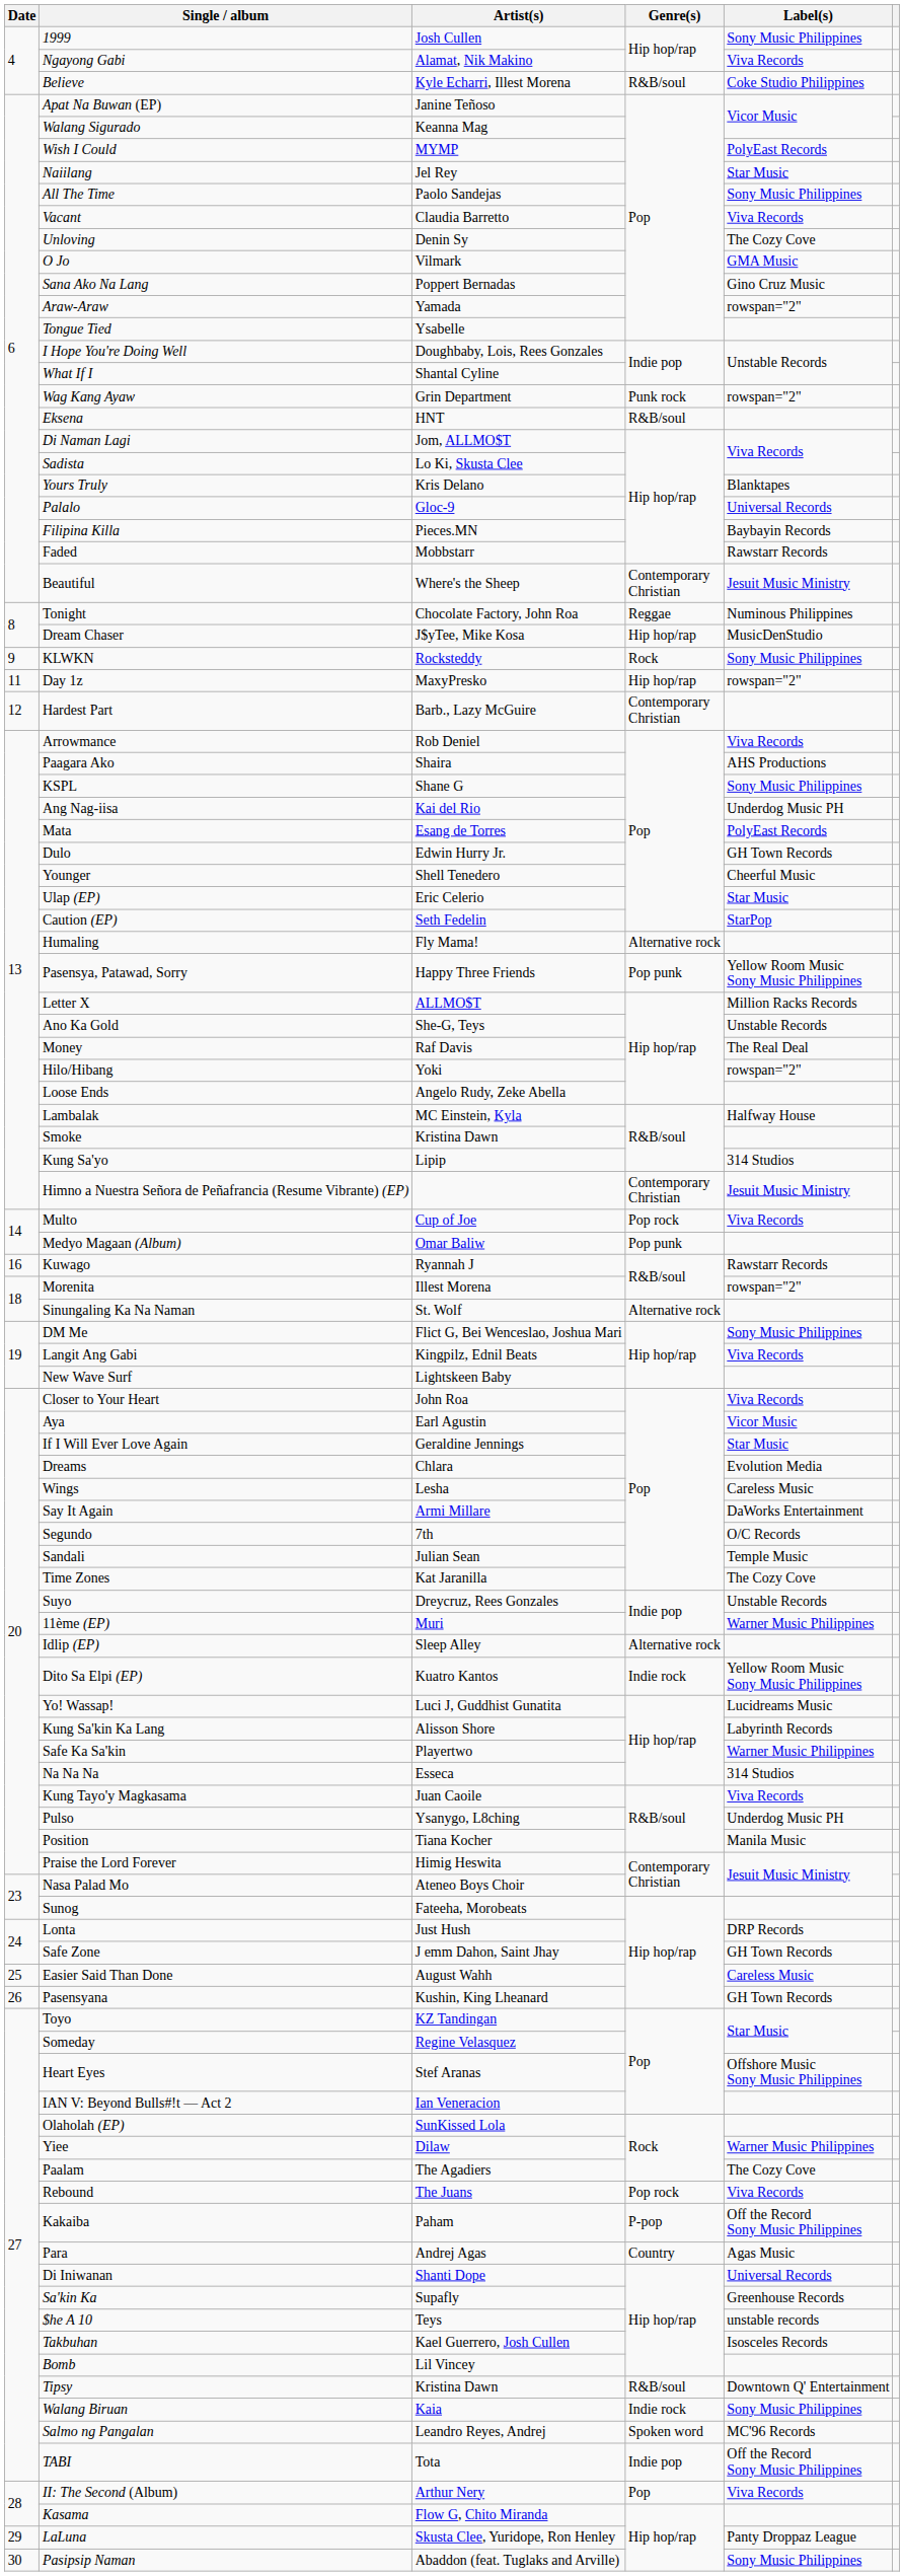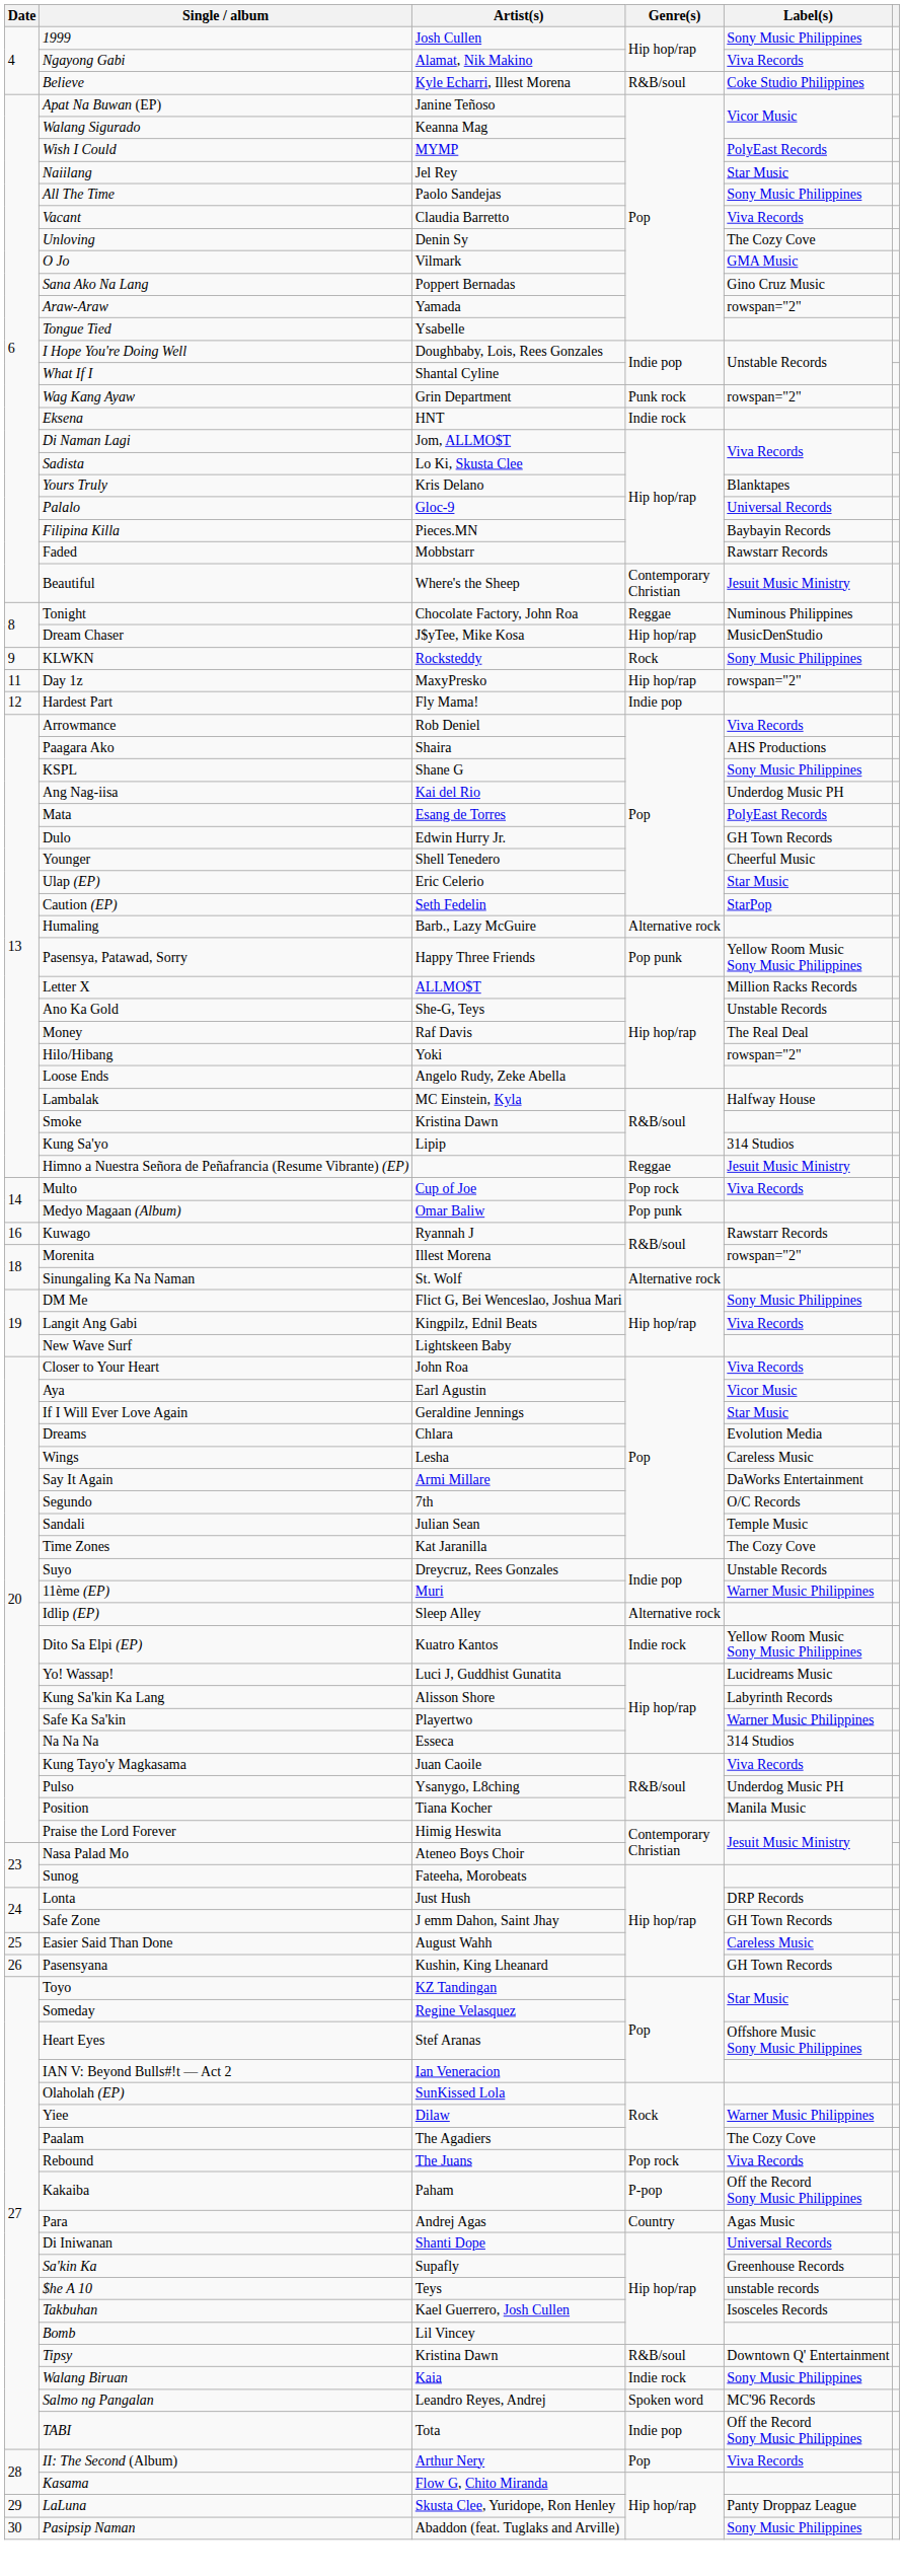 <table class="wikitable">
 <tr>
 <th>Date</th>
 <th>Single / album</th>
 <th>Artist(s)</th>
 <th>Genre(s)</th>
 <th>Label(s)</th>
 <th></th>
 </tr>
 <tr>
 <td rowspan="3">4</td>
 <td><em>1999</em></td>
 <td><a href='#'>Josh Cullen</a></td>
 <td rowspan="2">Hip hop/rap</td>
 <td><a href='#'>Sony Music Philippines</a></td>
 <td></td>
 </tr>
 <tr>
 <td><em>Ngayong Gabi</em></td>
 <td><a href='#'>Alamat</a>, <a href='#'>Nik Makino</a></td>
 <td><a href='#'>Viva Records</a></td>
 <td></td>
 </tr>
 <tr>
 <td><em>Believe</em></td>
 <td><a href='#'>Kyle Echarri</a>, Illest Morena</td>
 <td>R&B/soul</td>
 <td><a href='#'>Coke Studio Philippines</a></td>
 <td></td>
 </tr>
 <tr>
 <td rowspan="22">6</td>
 <td><em>Apat Na Buwan</em> (EP)</td>
 <td>Janine Teñoso</td>
 <td rowspan="11">Pop</td>
 <td rowspan="2"><a href='#'>Vicor Music</a></td>
 <td></td>
 </tr>
 <tr>
 <td><em>Walang Sigurado</em></td>
 <td>Keanna Mag</td>
 <td></td>
 </tr>
 <tr>
 <td><em>Wish I Could</em></td>
 <td><a href='#'>MYMP</a></td>
 <td><a href='#'>PolyEast Records</a></td>
 <td></td>
 </tr>
 <tr>
 <td><em>Naiilang</em></td>
 <td>Jel Rey</td>
 <td><a href='#'>Star Music</a></td>
 <td></td>
 </tr>
 <tr>
 <td><em>All The Time</em></td>
 <td>Paolo Sandejas</td>
 <td><a href='#'>Sony Music Philippines</a></td>
 <td></td>
 </tr>
 <tr>
 <td><em>Vacant</em></td>
 <td>Claudia Barretto</td>
 <td><a href='#'>Viva Records</a></td>
 <td></td>
 </tr>
 <tr>
 <td><em>Unloving</em></td>
 <td>Denin Sy</td>
 <td>The Cozy Cove</td>
 <td></td>
 </tr>
 <tr>
 <td><em>O Jo</em></td>
 <td>Vilmark</td>
 <td><a href='#'>GMA Music</a></td>
 <td></td>
 </tr>
 <tr>
 <td><em>Sana Ako Na Lang</em></td>
 <td>Poppert Bernadas</td>
 <td>Gino Cruz Music</td>
 <td></td>
 </tr>
 <tr>
 <td><em>Araw-Araw</em></td>
 <td>Yamada</td>
 <td>rowspan="2" </td>
 <td></td>
 </tr>
 <tr>
 <td><em>Tongue Tied</em></td>
 <td>Ysabelle</td>
 <td></td>
 </tr>
 <tr>
 <td><em>I Hope You're Doing Well</em></td>
 <td>Doughbaby, Lois, Rees Gonzales</td>
 <td rowspan="2">Indie pop</td>
 <td rowspan="2">Unstable Records</td>
 <td></td>
 </tr>
 <tr>
 <td><em>What If I</em></td>
 <td>Shantal Cyline</td>
 <td></td>
 </tr>
 <tr>
 <td><em>Wag Kang Ayaw</em></td>
 <td>Grin Department</td>
 <td>Punk rock</td>
 <td>rowspan="2" </td>
 <td></td>
 </tr>
 <tr>
 <td><em>Eksena</em></td>
 <td>HNT</td>
-<td>R&B/soul</td>
+<td>Indie rock</td>
 <td></td>
 </tr>
 <tr>
 <td><em>Di Naman Lagi</em></td>
 <td>Jom, <a href='#'>ALLMO$T</a></td>
 <td rowspan="6">Hip hop/rap</td>
 <td rowspan="2"><a href='#'>Viva Records</a></td>
 <td></td>
 </tr>
 <tr>
 <td><em>Sadista</em></td>
 <td>Lo Ki, <a href='#'>Skusta Clee</a></td>
 <td></td>
 </tr>
 <tr>
 <td><em>Yours Truly</em></td>
 <td>Kris Delano</td>
 <td>Blanktapes</td>
 <td></td>
 </tr>
 <tr>
 <td><em>Palalo</em></td>
 <td><a href='#'>Gloc-9</a></td>
 <td><a href='#'>Universal Records</a></td>
 <td></td>
 </tr>
 <tr>
 <td><em>Filipina Killa<strong></td>
 <td>Pieces.MN</td>
 <td>Baybayin Records</td>
 <td></td>
 </tr>
 <tr>
 <td></em>Faded<em></td>
 <td>Mobbstarr</td>
 <td>Rawstarr Records</td>
 <td></td>
 </tr>
 <tr>
 <td></em>Beautiful<em></td>
 <td>Where's the Sheep</td>
 <td>Contemporary<br>Christian</td>
 <td><a href='#'>Jesuit Music Ministry</a></td>
 <td></td>
 </tr>
 <tr>
 <td rowspan="2">8</td>
 <td></em>Tonight<em></td>
 <td>Chocolate Factory, John Roa</td>
 <td>Reggae</td>
 <td>Numinous Philippines</td>
 <td></td>
 </tr>
 <tr>
 <td></em>Dream Chaser<em></td>
 <td>J$yTee, Mike Kosa</td>
 <td>Hip hop/rap</td>
 <td>MusicDenStudio</td>
 <td></td>
 </tr>
 <tr>
 <td>9</td>
 <td></em>KLWKN<em></td>
 <td><a href='#'>Rocksteddy</a></td>
 <td>Rock</td>
 <td><a href='#'>Sony Music Philippines</a></td>
 <td></td>
 </tr>
 <tr>
 <td>11</td>
 <td></em>Day 1z<em></td>
 <td>MaxyPresko</td>
 <td>Hip hop/rap</td>
 <td>rowspan="2" </td>
 <td></td>
 </tr>
 <tr>
 <td>12</td>
 <td></em>Hardest Part<em></td>
-<td>Barb., Lazy McGuire</td>
-<td>Contemporary<br>Christian</td>
+<td>Fly Mama!</td>
+<td>Indie pop</td>
 <td></td>
 </tr>
 <tr>
 <td rowspan="20">13</td>
 <td></em>Arrowmance<em></td>
 <td>Rob Deniel</td>
 <td rowspan="9">Pop</td>
 <td><a href='#'>Viva Records</a></td>
 <td></td>
 </tr>
 <tr>
 <td></em>Paagara Ako<em></td>
 <td>Shaira</td>
 <td>AHS Productions</td>
 <td></td>
 </tr>
 <tr>
 <td></em>KSPL<em></td>
 <td>Shane G</td>
 <td><a href='#'>Sony Music Philippines</a></td>
 <td></td>
 </tr>
 <tr>
 <td></em>Ang Nag-iisa<em></td>
 <td><a href='#'>Kai del Rio</a></td>
 <td>Underdog Music PH</td>
 <td></td>
 </tr>
 <tr>
 <td></em>Mata<em></td>
 <td><a href='#'>Esang de Torres</a></td>
 <td><a href='#'>PolyEast Records</a></td>
 <td></td>
 </tr>
 <tr>
 <td></em>Dulo<em></td>
 <td>Edwin Hurry Jr.</td>
 <td>GH Town Records</td>
 <td></td>
 </tr>
 <tr>
 <td></em>Younger<em></td>
 <td>Shell Tenedero</td>
 <td>Cheerful Music</td>
 <td></td>
 </tr>
 <tr>
 <td></em>Ulap<em> (EP)</td>
 <td>Eric Celerio</td>
 <td><a href='#'>Star Music</a></td>
 <td></td>
 </tr>
 <tr>
 <td></em>Caution<em> (EP)</td>
 <td><a href='#'>Seth Fedelin</a></td>
 <td><a href='#'>StarPop</a></td>
 <td></td>
 </tr>
 <tr>
 <td></em>Humaling<em></td>
-<td>Fly Mama!</td>
+<td>Barb., Lazy McGuire</td>
 <td>Alternative rock</td>
 <td></td>
 <td></td>
 </tr>
 <tr>
 <td></em>Pasensya, Patawad, Sorry<em></td>
 <td>Happy Three Friends</td>
 <td>Pop punk</td>
 <td>Yellow Room Music<br><a href='#'>Sony Music Philippines</a></td>
 <td></td>
 </tr>
 <tr>
 <td></em>Letter X<em></td>
 <td><a href='#'>ALLMO$T</a></td>
 <td rowspan="5">Hip hop/rap</td>
 <td>Million Racks Records</td>
 <td></td>
 </tr>
 <tr>
 <td></em>Ano Ka Gold<em></td>
 <td>She-G, Teys</td>
 <td>Unstable Records</td>
 <td></td>
 </tr>
 <tr>
 <td></em>Money<em></td>
 <td>Raf Davis</td>
 <td>The Real Deal</td>
 <td></td>
 </tr>
 <tr>
 <td></em>Hilo/Hibang<em></td>
 <td>Yoki</td>
 <td>rowspan="2" </td>
 <td></td>
 </tr>
 <tr>
 <td></em>Loose Ends<em></td>
 <td>Angelo Rudy, Zeke Abella</td>
 <td></td>
 </tr>
 <tr>
 <td></em>Lambalak<em></td>
 <td>MC Einstein, <a href='#'>Kyla</a></td>
 <td rowspan="3">R&B/soul</td>
 <td>Halfway House</td>
 <td></td>
 </tr>
 <tr>
 <td></em>Smoke<em></td>
 <td>Kristina Dawn</td>
 <td></td>
 <td></td>
 </tr>
 <tr>
 <td></em>Kung Sa'yo<em></td>
 <td>Lipip</td>
 <td>314 Studios</td>
 <td></td>
 </tr>
 <tr>
 <td></em>Himno a Nuestra Señora de Peñafrancia (Resume Vibrante)<em> (EP)</td>
 <td></td>
-<td>Contemporary<br>Christian</td>
+<td>Reggae</td>
 <td><a href='#'>Jesuit Music Ministry</a></td>
 <td></td>
 </tr>
 <tr>
 <td rowspan="2">14</td>
 <td></em>Multo<em></td>
 <td><a href='#'>Cup of Joe</a></td>
 <td>Pop rock</td>
 <td><a href='#'>Viva Records</a></td>
 <td></td>
 </tr>
 <tr>
 <td></em>Medyo Magaan<em> (Album)</td>
 <td><a href='#'>Omar Baliw</a></td>
 <td>Pop punk</td>
 <td></td>
 <td></td>
 </tr>
 <tr>
 <td>16</td>
 <td></em>Kuwago<em></td>
 <td>Ryannah J</td>
 <td rowspan="2">R&B/soul</td>
 <td>Rawstarr Records</td>
 <td></td>
 </tr>
 <tr>
 <td rowspan="2">18</td>
 <td></em>Morenita<em></td>
 <td>Illest Morena</td>
 <td>rowspan="2" </td>
 <td></td>
 </tr>
 <tr>
 <td></em>Sinungaling Ka Na Naman<em></td>
 <td>St. Wolf</td>
 <td>Alternative rock</td>
 <td></td>
 </tr>
 <tr>
 <td rowspan="3">19</td>
 <td></em>DM Me<em></td>
 <td>Flict G, Bei Wenceslao, Joshua Mari</td>
 <td rowspan="3">Hip hop/rap</td>
 <td><a href='#'>Sony Music Philippines</a></td>
 <td></td>
 </tr>
 <tr>
 <td></em>Langit Ang Gabi<em></td>
 <td>Kingpilz, Ednil Beats</td>
 <td><a href='#'>Viva Records</a></td>
 <td></td>
 </tr>
 <tr>
 <td></em>New Wave Surf<em></td>
 <td>Lightskeen Baby</td>
 <td></td>
 <td></td>
 </tr>
 <tr>
 <td rowspan="21">20</td>
 <td></em>Closer to Your Heart<em></td>
 <td>John Roa</td>
 <td rowspan="9">Pop</td>
 <td><a href='#'>Viva Records</a></td>
 <td></td>
 </tr>
 <tr>
 <td></em>Aya<em></td>
 <td>Earl Agustin</td>
 <td><a href='#'>Vicor Music</a></td>
 <td></td>
 </tr>
 <tr>
 <td></em>If I Will Ever Love Again<em></td>
 <td>Geraldine Jennings</td>
 <td><a href='#'>Star Music</a></td>
 <td></td>
 </tr>
 <tr>
 <td></em>Dreams<em></td>
 <td>Chlara</td>
 <td>Evolution Media</td>
 <td></td>
 </tr>
 <tr>
 <td></em>Wings<em></td>
 <td>Lesha</td>
 <td>Careless Music</td>
 <td></td>
 </tr>
 <tr>
 <td></em>Say It Again<em></td>
 <td><a href='#'>Armi Millare</a></td>
 <td>DaWorks Entertainment</td>
 <td></td>
 </tr>
 <tr>
 <td></em>Segundo<em></td>
 <td>7th</td>
 <td>O/C Records</td>
 <td></td>
 </tr>
 <tr>
 <td></em>Sandali<em></td>
 <td>Julian Sean</td>
 <td>Temple Music</td>
 <td></td>
 </tr>
 <tr>
 <td></em>Time Zones<em></td>
 <td>Kat Jaranilla</td>
 <td>The Cozy Cove</td>
 <td></td>
 </tr>
 <tr>
 <td></em>Suyo<em></td>
 <td>Dreycruz, Rees Gonzales</td>
 <td rowspan="2">Indie pop</td>
 <td>Unstable Records</td>
 <td></td>
 </tr>
 <tr>
 <td></em>11ème<em> (EP)</td>
 <td><a href='#'>Muri</a></td>
 <td><a href='#'>Warner Music Philippines</a></td>
 <td></td>
 </tr>
 <tr>
 <td></em>Idlip<em> (EP)</td>
 <td>Sleep Alley</td>
 <td>Alternative rock</td>
 <td></td>
 <td></td>
 </tr>
 <tr>
 <td></em>Dito Sa Elpi<em> (EP)</td>
 <td>Kuatro Kantos</td>
 <td>Indie rock</td>
 <td>Yellow Room Music<br><a href='#'>Sony Music Philippines</a></td>
 <td></td>
 </tr>
 <tr>
 <td></em>Yo! Wassap!<em></td>
 <td>Luci J, Guddhist Gunatita</td>
 <td rowspan="4">Hip hop/rap</td>
 <td>Lucidreams Music</td>
 <td></td>
 </tr>
 <tr>
 <td></em>Kung Sa'kin Ka Lang<em></td>
 <td>Alisson Shore</td>
 <td>Labyrinth Records</td>
 <td></td>
 </tr>
 <tr>
 <td></em>Safe Ka Sa'kin<em></td>
 <td>Playertwo</td>
 <td><a href='#'>Warner Music Philippines</a></td>
 <td></td>
 </tr>
 <tr>
 <td></em>Na Na Na<em></td>
 <td>Esseca</td>
 <td>314 Studios</td>
 <td></td>
 </tr>
 <tr>
 <td></em>Kung Tayo'y Magkasama<em></td>
 <td>Juan Caoile</td>
 <td rowspan="3">R&B/soul</td>
 <td><a href='#'>Viva Records</a></td>
 <td></td>
 </tr>
 <tr>
 <td></em>Pulso<em></td>
 <td>Ysanygo, L8ching</td>
 <td>Underdog Music PH</td>
 <td></td>
 </tr>
 <tr>
 <td></em>Position<em></td>
 <td>Tiana Kocher</td>
 <td>Manila Music</td>
 <td></td>
 </tr>
 <tr>
 <td></em>Praise the Lord Forever<em></td>
 <td>Himig Heswita</td>
 <td rowspan="2">Contemporary<br>Christian</td>
 <td rowspan="2"><a href='#'>Jesuit Music Ministry</a></td>
 <td></td>
 </tr>
 <tr>
 <td rowspan="2">23</td>
 <td></em>Nasa Palad Mo<em></td>
 <td>Ateneo Boys Choir</td>
 <td></td>
 </tr>
 <tr>
 <td></em>Sunog<em></td>
 <td>Fateeha, Morobeats</td>
 <td rowspan="5">Hip hop/rap</td>
 <td></td>
 <td></td>
 </tr>
 <tr>
 <td rowspan="2">24</td>
 <td></em>Lonta<em></td>
 <td>Just Hush</td>
 <td>DRP Records</td>
 <td></td>
 </tr>
 <tr>
 <td></em>Safe Zone<em></td>
 <td>J emm Dahon, Saint Jhay</td>
 <td>GH Town Records</td>
 <td></td>
 </tr>
 <tr>
 <td>25</td>
 <td></em>Easier Said Than Done<em></td>
 <td>August Wahh</td>
 <td><a href='#'>Careless Music</a></td>
 <td></td>
 </tr>
 <tr>
 <td>26</td>
 <td></em>Pasensyana<em></td>
 <td>Kushin, King Lheanard</td>
 <td>GH Town Records</td>
 <td></td>
 </tr>
 <tr>
 <td rowspan="19">27</td>
 <td></em>Toyo<em></td>
 <td><a href='#'>KZ Tandingan</a></td>
 <td rowspan="4">Pop</td>
 <td rowspan="2"><a href='#'>Star Music</a></td>
 <td></td>
 </tr>
 <tr>
 <td></em>Someday<em></td>
 <td><a href='#'>Regine Velasquez</a></td>
 <td></td>
 </tr>
 <tr>
 <td></em>Heart Eyes<em></td>
 <td>Stef Aranas</td>
 <td>Offshore Music<br><a href='#'>Sony Music Philippines</a></td>
 <td></td>
 </tr>
 <tr>
 <td></em>IAN V: Beyond Bulls#!t — Act 2<em></td>
 <td><a href='#'>Ian Veneracion</a></td>
 <td></td>
 <td></td>
 </tr>
 <tr>
 <td></em>Olaholah<em> (EP)</td>
 <td><a href='#'>SunKissed Lola</a></td>
 <td rowspan="3">Rock</td>
 <td></td>
 <td></td>
 </tr>
 <tr>
 <td></em>Yiee<em></td>
 <td><a href='#'>Dilaw</a></td>
 <td><a href='#'>Warner Music Philippines</a></td>
 <td></td>
 </tr>
 <tr>
 <td></em>Paalam<em></td>
 <td>The Agadiers</td>
 <td>The Cozy Cove</td>
 <td></td>
 </tr>
 <tr>
 <td></em>Rebound<em></td>
 <td><a href='#'>The Juans</a></td>
 <td>Pop rock</td>
 <td><a href='#'>Viva Records</a></td>
 <td></td>
 </tr>
 <tr>
 <td></em>Kakaiba<em></td>
 <td>Paham</td>
 <td>P-pop</td>
 <td>Off the Record<br><a href='#'>Sony Music Philippines</a></td>
 <td></td>
 </tr>
 <tr>
 <td></em>Para<em></td>
 <td>Andrej Agas</td>
 <td>Country</td>
 <td>Agas Music</td>
 <td></td>
 </tr>
 <tr>
 <td></strong>Di Iniwanan</em></td>
 <td><a href='#'>Shanti Dope</a></td>
 <td rowspan="5">Hip hop/rap</td>
 <td><a href='#'>Universal Records</a></td>
 <td></td>
 </tr>
 <tr>
 <td><em>Sa'kin Ka</em></td>
 <td>Supafly</td>
 <td>Greenhouse Records</td>
 <td></td>
 </tr>
 <tr>
 <td><em>$he A 10</em></td>
 <td>Teys</td>
 <td>unstable records</td>
 <td></td>
 </tr>
 <tr>
 <td><em>Takbuhan</em></td>
 <td>Kael Guerrero, <a href='#'>Josh Cullen</a></td>
 <td>Isosceles Records</td>
 <td></td>
 </tr>
 <tr>
 <td><em>Bomb</em></td>
 <td>Lil Vincey</td>
 <td></td>
 <td></td>
 </tr>
 <tr>
 <td><em>Tipsy</em></td>
 <td>Kristina Dawn</td>
 <td>R&B/soul</td>
 <td>Downtown Q' Entertainment</td>
 <td></td>
 </tr>
 <tr>
 <td><em>Walang Biruan</em></td>
 <td><a href='#'>Kaia</a></td>
 <td>Indie rock</td>
 <td><a href='#'>Sony Music Philippines</a></td>
 <td></td>
 </tr>
 <tr>
 <td><em>Salmo ng Pangalan</em></td>
 <td>Leandro Reyes, Andrej</td>
 <td>Spoken word</td>
 <td>MC'96 Records</td>
 <td></td>
 </tr>
 <tr>
 <td><em>TABI</em></td>
 <td>Tota</td>
 <td>Indie pop</td>
 <td>Off the Record<br><a href='#'>Sony Music Philippines</a></td>
 <td></td>
 </tr>
 <tr>
 <td rowspan="2">28</td>
 <td><em>II: The Second</em> (Album)</td>
 <td><a href='#'>Arthur Nery</a></td>
 <td>Pop</td>
 <td><a href='#'>Viva Records</a></td>
 <td></td>
 </tr>
 <tr>
 <td><em>Kasama</em></td>
 <td><a href='#'>Flow G</a>, <a href='#'>Chito Miranda</a></td>
 <td rowspan="3">Hip hop/rap</td>
 <td></td>
 <td></td>
 </tr>
 <tr>
 <td>29</td>
 <td><em>LaLuna</em></td>
 <td><a href='#'>Skusta Clee</a>, Yuridope, Ron Henley</td>
 <td>Panty Droppaz League</td>
 <td></td>
 </tr>
 <tr>
 <td>30</td>
 <td><em>Pasipsip Naman</em></td>
 <td>Abaddon (feat. Tuglaks and Arville)</td>
 <td><a href='#'>Sony Music Philippines</a></td>
 <td></td>
 </tr>
 </table>
